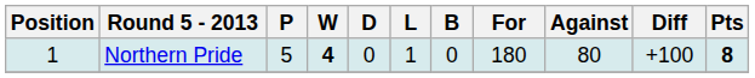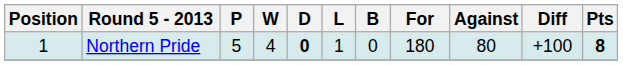 <table class="wikitable" style="text-align:center; font-size:85%;">
 <tr>
 <th width=40 abbr="Position">Position</th>
 <th width=100>Round 5 - 2013</th>
 <th width=20 abbr="Played">P</th>
 <th width=20 abbr="Won">W</th>
 <th width=20 abbr="Drawn">D</th>
 <th width=20 abbr="Lost">L</th>
 <th width=20 abbr="Bye">B</th>
 <th width=40 abbr="Points for">For</th>
 <th width=40 abbr="Points against">Against</th>
 <th width=40 abbr="Points difference">Diff</th>
 <th width=20 abbr="Points">Pts</th>
 </tr>
 <tr style="background: #d7ebed;">
 <td>1</td>
 <td style="text-align:left;"> <a href='#'>Northern Pride</a></td>
 <td>5</td>
-<td><strong>4</strong></td>
-<td>0</td>
+<td>4</td>
+<td><strong>0</strong></td>
 <td>1</td>
 <td>0</td>
 <td>180</td>
 <td>80</td>
 <td>+100</td>
 <td><strong>8</strong></td>
 </tr>
 <tr>
 </tr>
 </table>
